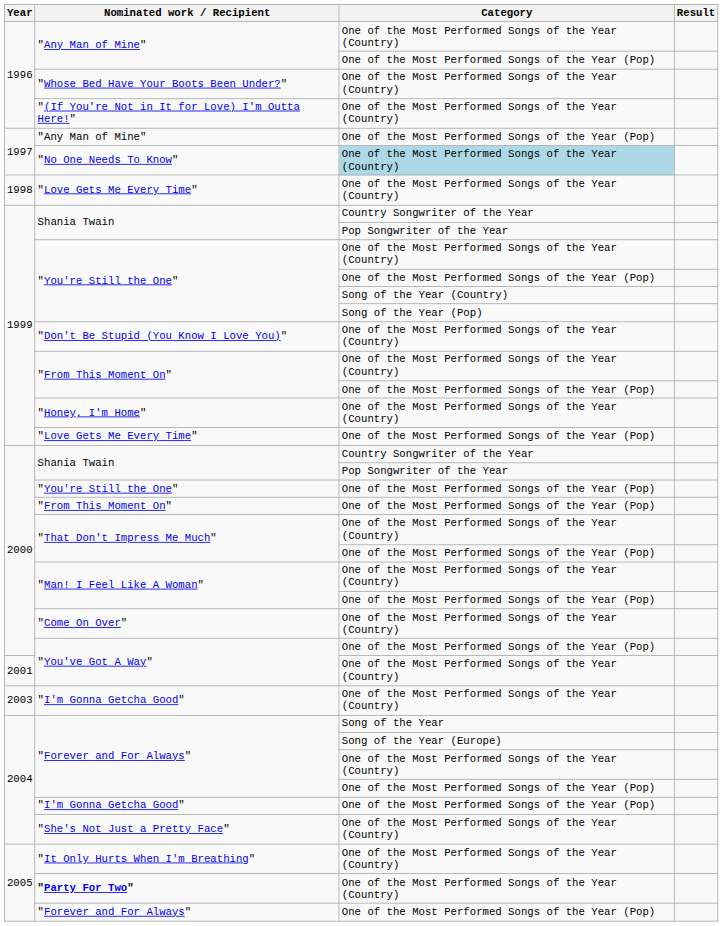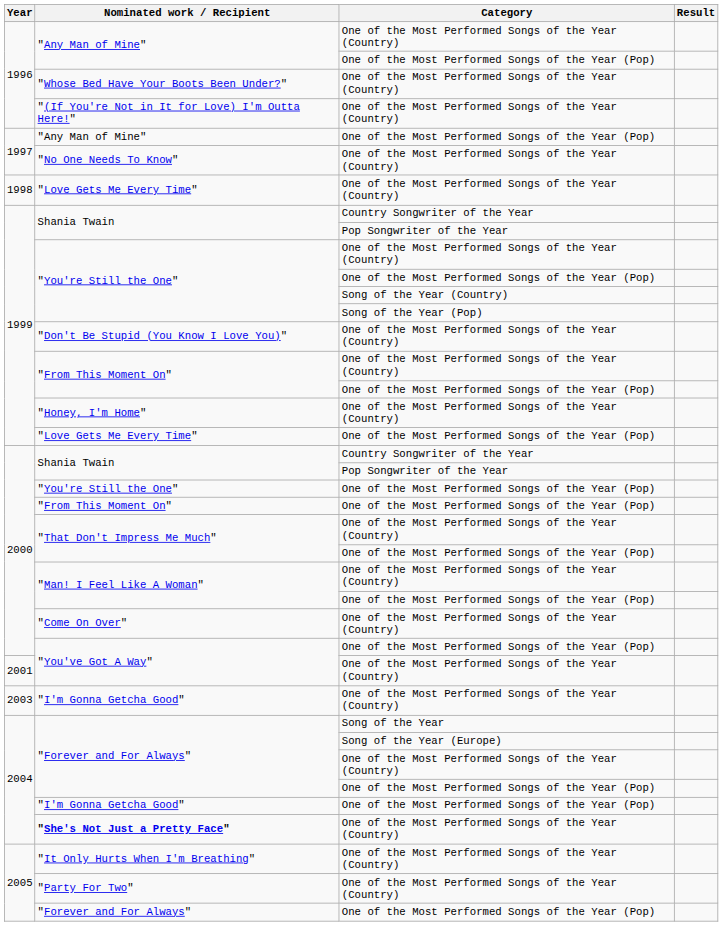 <table class="wikitable">
 <tr>
 <th>Year</th>
 <th>Nominated work / Recipient</th>
 <th>Category</th>
 <th>Result</th>
 </tr>
 <tr>
 <td rowspan="4'">1996</td>
 <td rowspan="2">"<a href='#'>Any Man of Mine</a>"</td>
 <td>One of the Most Performed Songs of the Year (Country)</td>
 <td></td>
 </tr>
 <tr>
 <td>One of the Most Performed Songs of the Year (Pop)</td>
 <td></td>
 </tr>
 <tr>
 <td>"<a href='#'>Whose Bed Have Your Boots Been Under?</a>"</td>
 <td>One of the Most Performed Songs of the Year (Country)</td>
 <td></td>
 </tr>
 <tr>
 <td>"<a href='#'>(If You're Not in It for Love) I'm Outta Here!</a>"</td>
 <td>One of the Most Performed Songs of the Year (Country)</td>
 <td></td>
 </tr>
 <tr>
 <td rowspan="2">1997</td>
 <td>"Any Man of Mine"</td>
 <td>One of the Most Performed Songs of the Year (Pop)</td>
 <td></td>
 </tr>
 <tr>
 <td>"<a href='#'>No One Needs To Know</a>"</td>
-<td style="background: lightblue;">One of the Most Performed Songs of the Year (Country)</td>
+<td>One of the Most Performed Songs of the Year (Country)</td>
 <td></td>
 </tr>
 <tr>
 <td rowspan="1">1998</td>
 <td>"<a href='#'>Love Gets Me Every Time</a>"</td>
 <td>One of the Most Performed Songs of the Year (Country)</td>
 <td></td>
 </tr>
 <tr>
 <td rowspan="11">1999</td>
 <td rowspan="2">Shania Twain</td>
 <td>Country Songwriter of the Year</td>
 <td></td>
 </tr>
 <tr>
 <td>Pop Songwriter of the Year</td>
 <td></td>
 </tr>
 <tr>
 <td rowspan="4">"<a href='#'>You're Still the One</a>"</td>
 <td>One of the Most Performed Songs of the Year (Country)</td>
 <td></td>
 </tr>
 <tr>
 <td>One of the Most Performed Songs of the Year (Pop)</td>
 <td></td>
 </tr>
 <tr>
 <td>Song of the Year (Country)</td>
 <td></td>
 </tr>
 <tr>
 <td>Song of the Year (Pop)</td>
 <td></td>
 </tr>
 <tr>
 <td>"<a href='#'>Don't Be Stupid (You Know I Love You)</a>"</td>
 <td>One of the Most Performed Songs of the Year (Country)</td>
 <td></td>
 </tr>
 <tr>
 <td rowspan="2">"<a href='#'>From This Moment On</a>"</td>
 <td>One of the Most Performed Songs of the Year  (Country)</td>
 <td></td>
 </tr>
 <tr>
 <td>One of the Most Performed Songs of the Year (Pop)</td>
 <td></td>
 </tr>
 <tr>
 <td>"<a href='#'>Honey, I'm Home</a>"</td>
 <td>One of the Most Performed Songs of the Year (Country)</td>
 <td></td>
 </tr>
 <tr>
 <td>"<a href='#'>Love Gets Me Every Time</a>"</td>
 <td>One of the Most Performed Songs of the Year (Pop)</td>
 <td></td>
 </tr>
 <tr>
 <td rowspan="10">2000</td>
 <td rowspan="2">Shania Twain</td>
 <td>Country Songwriter of the Year</td>
 <td></td>
 </tr>
 <tr>
 <td>Pop Songwriter of the Year</td>
 <td></td>
 </tr>
 <tr>
 <td>"<a href='#'>You're Still the One</a>"</td>
 <td>One of the Most Performed Songs of the Year (Pop)</td>
 <td></td>
 </tr>
 <tr>
 <td>"<a href='#'>From This Moment On</a>"</td>
 <td>One of the Most Performed Songs of the Year (Pop)</td>
 <td></td>
 </tr>
 <tr>
 <td rowspan="2">"<a href='#'>That Don't Impress Me Much</a>"</td>
 <td>One of the Most Performed Songs of the Year (Country)</td>
 <td></td>
 </tr>
 <tr>
 <td>One of the Most Performed Songs of the Year (Pop)</td>
 <td></td>
 </tr>
 <tr>
 <td rowspan="2">"<a href='#'>Man! I Feel Like A Woman</a>"</td>
 <td>One of the Most Performed Songs of the Year  (Country)</td>
 <td></td>
 </tr>
 <tr>
 <td>One of the Most Performed Songs of the Year (Pop)</td>
 <td></td>
 </tr>
 <tr>
 <td>"<a href='#'>Come On Over</a>"</td>
 <td>One of the Most Performed Songs of the Year (Country)</td>
 <td></td>
 </tr>
 <tr>
 <td rowspan="2">"<a href='#'>You've Got A Way</a>"</td>
 <td>One of the Most Performed Songs of the Year (Pop)</td>
 <td></td>
 </tr>
 <tr>
 <td>2001</td>
 <td>One of the Most Performed Songs of the Year (Country)</td>
 <td></td>
 </tr>
 <tr>
 <td rowspan="1">2003</td>
 <td>"<a href='#'>I'm Gonna Getcha Good</a>"</td>
 <td>One of the Most Performed Songs of the Year (Country)</td>
 <td></td>
 </tr>
 <tr>
 <td rowspan="6">2004</td>
 <td rowspan="4">"<a href='#'>Forever and For Always</a>"</td>
 <td>Song of the Year</td>
 <td></td>
 </tr>
 <tr>
 <td>Song of the Year (Europe)</td>
 <td></td>
 </tr>
 <tr>
 <td>One of the Most Performed Songs of the Year (Country)</td>
 <td></td>
 </tr>
 <tr>
 <td>One of the Most Performed Songs of the Year (Pop)</td>
 <td></td>
 </tr>
 <tr>
 <td>"<a href='#'>I'm Gonna Getcha Good</a>"</td>
 <td>One of the Most Performed Songs of the Year (Pop)</td>
 <td></td>
 </tr>
 <tr>
-<td>"<a href='#'>She's Not Just a Pretty Face</a>"</td>
+<td><strong>"<a href='#'>She's Not Just a Pretty Face</a>"</strong></td>
 <td>One of the Most Performed Songs of the Year (Country)</td>
 <td></td>
 </tr>
 <tr>
 <td rowspan="3">2005</td>
 <td>"<a href='#'>It Only Hurts When I'm Breathing</a>"</td>
 <td>One of the Most Performed Songs of the Year (Country)</td>
 <td></td>
 </tr>
 <tr>
-<td><strong>"<a href='#'>Party For Two</a>"</strong></td>
+<td>"<a href='#'>Party For Two</a>"</td>
 <td>One of the Most Performed Songs of the Year (Country)</td>
 <td></td>
 </tr>
 <tr>
 <td>"<a href='#'>Forever and For Always</a>"</td>
 <td>One of the Most Performed Songs of the Year (Pop)</td>
 <td></td>
 </tr>
 </table>
